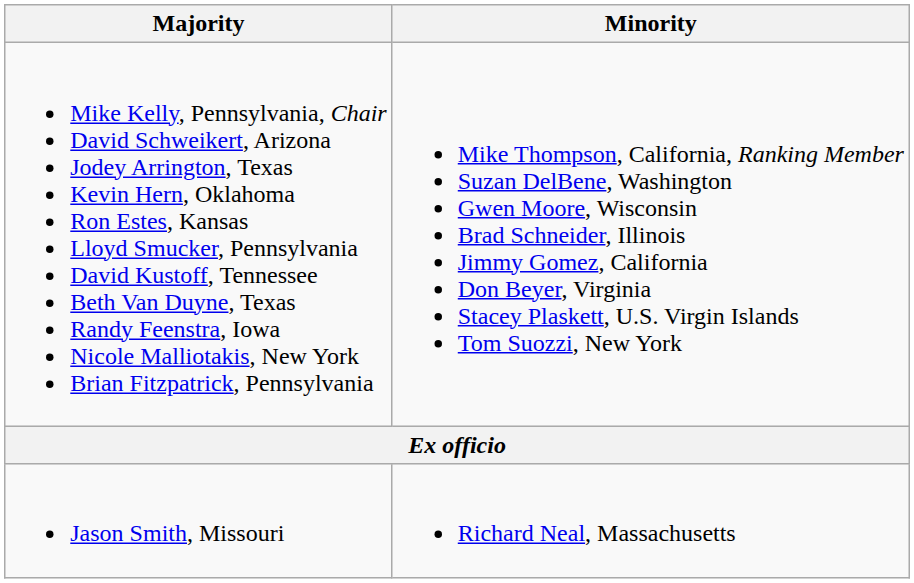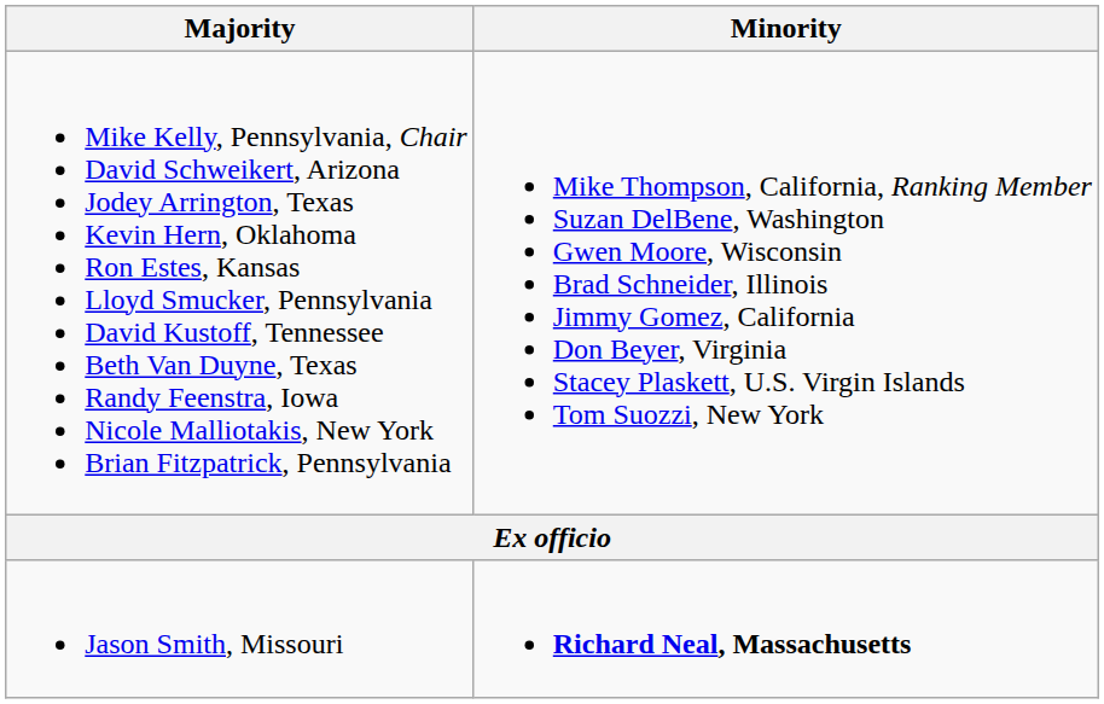 <table class=wikitable>
 <tr>
 <th>Majority</th>
 <th>Minority</th>
 </tr>
 <tr>
 <td><br><ul><li><a href='#'>Mike Kelly</a>, Pennsylvania, <em>Chair</em></li><li><a href='#'>David Schweikert</a>, Arizona</li><li><a href='#'>Jodey Arrington</a>, Texas</li><li><a href='#'>Kevin Hern</a>, Oklahoma</li><li><a href='#'>Ron Estes</a>, Kansas</li><li><a href='#'>Lloyd Smucker</a>, Pennsylvania</li><li><a href='#'>David Kustoff</a>, Tennessee</li><li><a href='#'>Beth Van Duyne</a>, Texas</li><li><a href='#'>Randy Feenstra</a>, Iowa</li><li><a href='#'>Nicole Malliotakis</a>, New York</li><li><a href='#'>Brian Fitzpatrick</a>, Pennsylvania</li></ul></td>
 <td><br><ul><li><a href='#'>Mike Thompson</a>, California, <em>Ranking Member</em></li><li><a href='#'>Suzan DelBene</a>, Washington</li><li><a href='#'>Gwen Moore</a>, Wisconsin</li><li><a href='#'>Brad Schneider</a>, Illinois</li><li><a href='#'>Jimmy Gomez</a>, California</li><li><a href='#'>Don Beyer</a>, Virginia</li><li><a href='#'>Stacey Plaskett</a>, U.S. Virgin Islands</li><li><a href='#'>Tom Suozzi</a>, New York</li></ul></td>
 </tr>
 <tr>
 <th colspan=2><em>Ex officio</em></th>
 </tr>
 <tr>
 <td><br><ul><li><a href='#'>Jason Smith</a>, Missouri</li></ul></td>
-<td><br><ul><li><a href='#'>Richard Neal</a>, Massachusetts</li></ul></td>
+<td><strong><br><ul><li><a href='#'>Richard Neal</a>, Massachusetts</li></ul></strong></td>
 </tr>
 </table>
